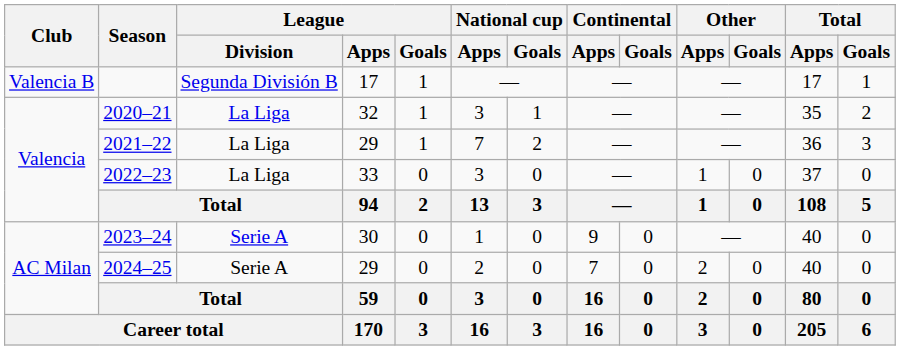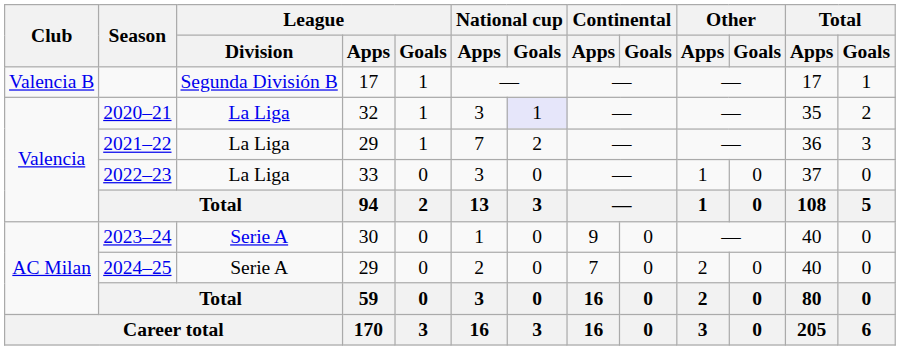 <table class="wikitable" style="text-align:center">
 <tr>
 <th rowspan="2">Club</th>
 <th rowspan="2">Season</th>
 <th colspan="3">League</th>
 <th colspan="2">National cup</th>
 <th colspan="2">Continental</th>
 <th colspan="2">Other</th>
 <th colspan="2">Total</th>
 </tr>
 <tr>
 <th>Division</th>
 <th>Apps</th>
 <th>Goals</th>
 <th>Apps</th>
 <th>Goals</th>
 <th>Apps</th>
 <th>Goals</th>
 <th>Apps</th>
 <th>Goals</th>
 <th>Apps</th>
 <th>Goals</th>
 </tr>
 <tr>
 <td><a href='#'>Valencia B</a></td>
 <td></td>
 <td><a href='#'>Segunda División B</a></td>
 <td>17</td>
 <td>1</td>
 <td colspan="2">—</td>
 <td colspan="2">—</td>
 <td colspan="2">—</td>
 <td>17</td>
 <td>1</td>
 </tr>
 <tr>
 <td rowspan="4"><a href='#'>Valencia</a></td>
 <td><a href='#'>2020–21</a></td>
 <td><a href='#'>La Liga</a></td>
 <td>32</td>
 <td>1</td>
 <td>3</td>
-<td>1</td>
+<td style="background: lavender;">1</td>
 <td colspan="2">—</td>
 <td colspan="2">—</td>
 <td>35</td>
 <td>2</td>
 </tr>
 <tr>
 <td><a href='#'>2021–22</a></td>
 <td>La Liga</td>
 <td>29</td>
 <td>1</td>
 <td>7</td>
 <td>2</td>
 <td colspan="2">—</td>
 <td colspan="2">—</td>
 <td>36</td>
 <td>3</td>
 </tr>
 <tr>
 <td><a href='#'>2022–23</a></td>
 <td>La Liga</td>
 <td>33</td>
 <td>0</td>
 <td>3</td>
 <td>0</td>
 <td colspan="2">—</td>
 <td>1</td>
 <td>0</td>
 <td>37</td>
 <td>0</td>
 </tr>
 <tr>
 <th colspan="2">Total</th>
 <th>94</th>
 <th>2</th>
 <th>13</th>
 <th>3</th>
 <th colspan="2">—</th>
 <th>1</th>
 <th>0</th>
 <th>108</th>
 <th>5</th>
 </tr>
 <tr>
 <td rowspan="3"><a href='#'>AC Milan</a></td>
 <td><a href='#'>2023–24</a></td>
 <td><a href='#'>Serie A</a></td>
 <td>30</td>
 <td>0</td>
 <td>1</td>
 <td>0</td>
 <td>9</td>
 <td>0</td>
 <td colspan="2">—</td>
 <td>40</td>
 <td>0</td>
 </tr>
 <tr>
 <td><a href='#'>2024–25</a></td>
 <td>Serie A</td>
 <td>29</td>
 <td>0</td>
 <td>2</td>
 <td>0</td>
 <td>7</td>
 <td>0</td>
 <td>2</td>
 <td>0</td>
 <td>40</td>
 <td>0</td>
 </tr>
 <tr>
 <th colspan="2">Total</th>
 <th>59</th>
 <th>0</th>
 <th>3</th>
 <th>0</th>
 <th>16</th>
 <th>0</th>
 <th>2</th>
 <th>0</th>
 <th>80</th>
 <th>0</th>
 </tr>
 <tr>
 <th colspan="3">Career total</th>
 <th>170</th>
 <th>3</th>
 <th>16</th>
 <th>3</th>
 <th>16</th>
 <th>0</th>
 <th>3</th>
 <th>0</th>
 <th>205</th>
 <th>6</th>
 </tr>
 </table>
